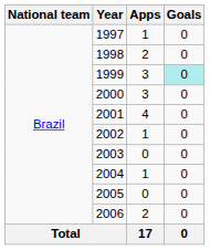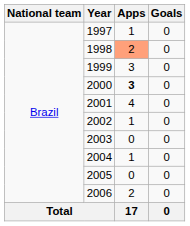 <table class="wikitable" style="text-align:center">
 <tr>
 <th>National team</th>
 <th>Year</th>
 <th>Apps</th>
 <th>Goals</th>
 </tr>
 <tr>
 <td rowspan="10"><a href='#'>Brazil</a></td>
 <td>1997</td>
 <td>1</td>
 <td>0</td>
 </tr>
 <tr>
 <td>1998</td>
-<td>2</td>
+<td style="background: lightsalmon;">2</td>
 <td>0</td>
 </tr>
 <tr>
 <td>1999</td>
 <td>3</td>
-<td style="background: paleturquoise;">0</td>
+<td>0</td>
 </tr>
 <tr>
 <td>2000</td>
-<td>3</td>
+<td><strong>3</strong></td>
 <td>0</td>
 </tr>
 <tr>
 <td>2001</td>
 <td>4</td>
 <td>0</td>
 </tr>
 <tr>
 <td>2002</td>
 <td>1</td>
 <td>0</td>
 </tr>
 <tr>
 <td>2003</td>
 <td>0</td>
 <td>0</td>
 </tr>
 <tr>
 <td>2004</td>
 <td>1</td>
 <td>0</td>
 </tr>
 <tr>
 <td>2005</td>
 <td>0</td>
 <td>0</td>
 </tr>
 <tr>
 <td>2006</td>
 <td>2</td>
 <td>0</td>
 </tr>
 <tr>
 <th colspan="2">Total</th>
 <th>17</th>
 <th>0</th>
 </tr>
 </table>
